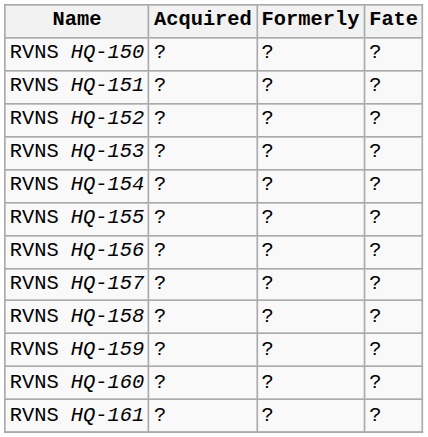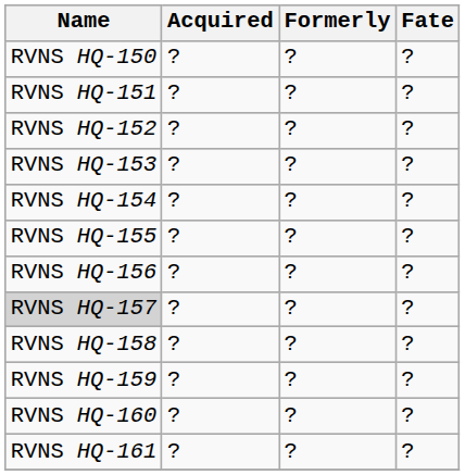 <table class="wikitable" style="font-size:95%;">
 <tr>
 <th>Name</th>
 <th>Acquired</th>
 <th>Formerly</th>
 <th>Fate</th>
 </tr>
 <tr>
 <td>RVNS <em>HQ-150</em></td>
 <td>?</td>
 <td>?</td>
 <td>?</td>
 </tr>
 <tr>
 <td>RVNS <em>HQ-151</em></td>
 <td>?</td>
 <td>?</td>
 <td>?</td>
 </tr>
 <tr>
 <td>RVNS <em>HQ-152</em></td>
 <td>?</td>
 <td>?</td>
 <td>?</td>
 </tr>
 <tr>
 <td>RVNS <em>HQ-153</em></td>
 <td>?</td>
 <td>?</td>
 <td>?</td>
 </tr>
 <tr>
 <td>RVNS <em>HQ-154</em></td>
 <td>?</td>
 <td>?</td>
 <td>?</td>
 </tr>
 <tr>
 <td>RVNS <em>HQ-155</em></td>
 <td>?</td>
 <td>?</td>
 <td>?</td>
 </tr>
 <tr>
 <td>RVNS <em>HQ-156</em></td>
 <td>?</td>
 <td>?</td>
 <td>?</td>
 </tr>
 <tr>
-<td>RVNS <em>HQ-157</em></td>
+<td style="background: lightgrey;">RVNS <em>HQ-157</em></td>
 <td>?</td>
 <td>?</td>
 <td>?</td>
 </tr>
 <tr>
 <td>RVNS <em>HQ-158</em></td>
 <td>?</td>
 <td>?</td>
 <td>?</td>
 </tr>
 <tr>
 <td>RVNS <em>HQ-159</em></td>
 <td>?</td>
 <td>?</td>
 <td>?</td>
 </tr>
 <tr>
 <td>RVNS <em>HQ-160</em></td>
 <td>?</td>
 <td>?</td>
 <td>?</td>
 </tr>
 <tr>
 <td>RVNS <em>HQ-161</em></td>
 <td>?</td>
 <td>?</td>
 <td>?</td>
 </tr>
 <tr>
 </tr>
 </table>
